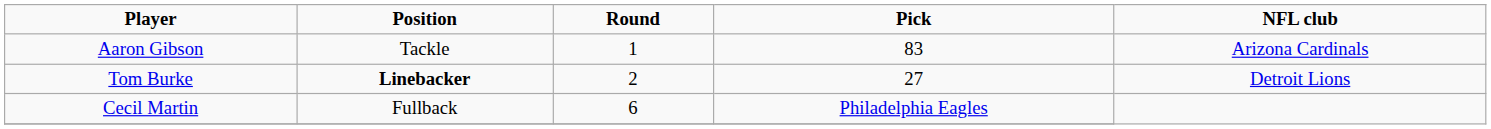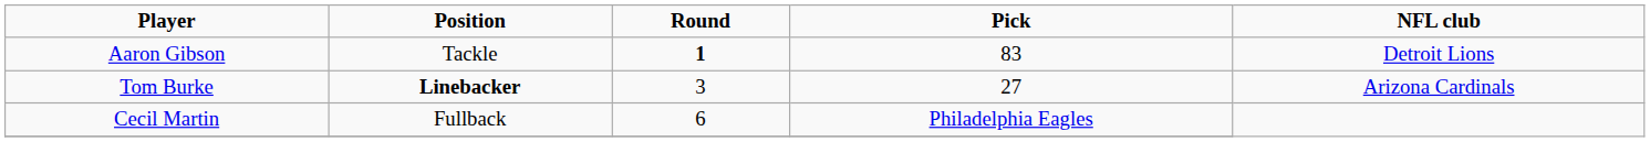 <table class="wikitable" width="80%">
 <tr align="center">
 <td><strong>Player</strong></td>
 <td><strong>Position</strong></td>
 <td><strong>Round</strong></td>
 <td><strong>Pick</strong></td>
 <td><strong>NFL club</strong></td>
 </tr>
 <tr align="center" bgcolor="">
 <td><a href='#'>Aaron Gibson</a></td>
 <td>Tackle</td>
-<td>1</td>
+<td><strong>1</strong></td>
 <td>83</td>
-<td><a href='#'>Arizona Cardinals</a></td>
+<td><a href='#'>Detroit Lions</a></td>
 </tr>
 <tr align="center" bgcolor="">
 <td><a href='#'>Tom Burke</a></td>
 <td><strong>Linebacker</strong></td>
-<td>2</td>
+<td>3</td>
 <td>27</td>
-<td><a href='#'>Detroit Lions</a></td>
+<td><a href='#'>Arizona Cardinals</a></td>
 </tr>
 <tr align="center" bgcolor="">
 <td><a href='#'>Cecil Martin</a></td>
 <td>Fullback</td>
 <td>6</td>
 <td 172><a href='#'>Philadelphia Eagles</a></td>
 </tr>
 <tr align="center" bgcolor="">
 </tr>
 </table>
